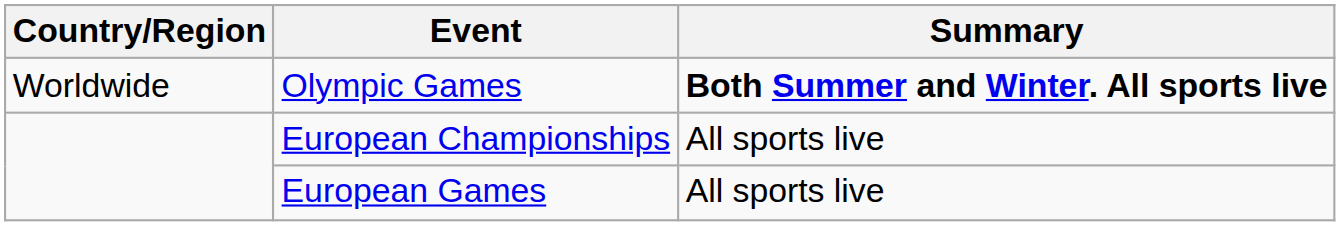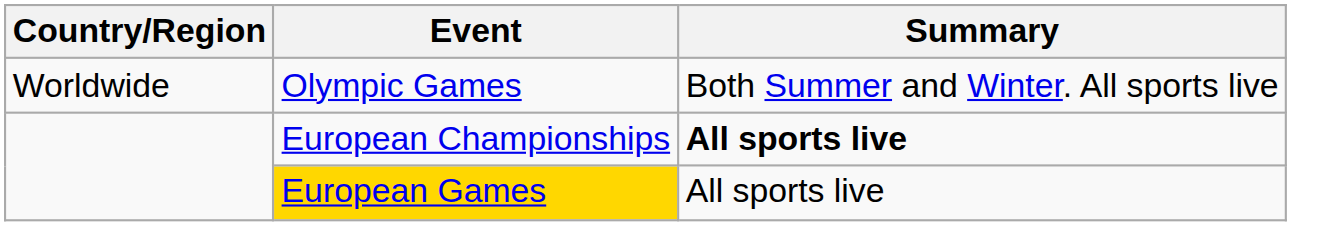 <table class="wikitable">
 <tr>
 <th>Country/Region</th>
 <th>Event</th>
 <th>Summary</th>
 </tr>
 <tr>
 <td>Worldwide</td>
 <td><a href='#'>Olympic Games</a></td>
-<td><strong>Both <a href='#'>Summer</a> and <a href='#'>Winter</a>. All sports live</strong></td>
+<td>Both <a href='#'>Summer</a> and <a href='#'>Winter</a>. All sports live</td>
 </tr>
 <tr>
 <td rowspan=2></td>
 <td><a href='#'>European Championships</a></td>
-<td>All sports live</td>
+<td><strong>All sports live</strong></td>
 </tr>
 <tr>
-<td><a href='#'>European Games</a></td>
+<td style="background: gold;"><a href='#'>European Games</a></td>
 <td>All sports live</td>
 </tr>
 </table>
